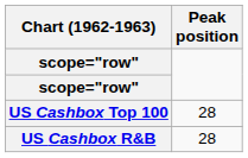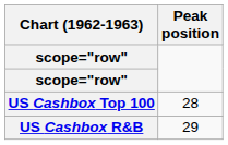 <table class="wikitable sortable plainrowheaders">
 <tr>
 <th scope="col">Chart (1962-1963)</th>
 <th scope="col">Peak<br>position</th>
 </tr>
 <tr>
 <th>scope="row" </th>
 </tr>
 <tr>
 <th>scope="row" </th>
 </tr>
 <tr>
 <th scope="row"><a href='#'>US <em>Cashbox</em> Top 100</a></th>
 <td style="text-align:center;">28</td>
 </tr>
 <tr>
 <th scope="row"><a href='#'>US <em>Cashbox</em> R&B</a></th>
-<td style="text-align:center;">28</td>
+<td style="text-align:center;">29</td>
 </tr>
 </table>
